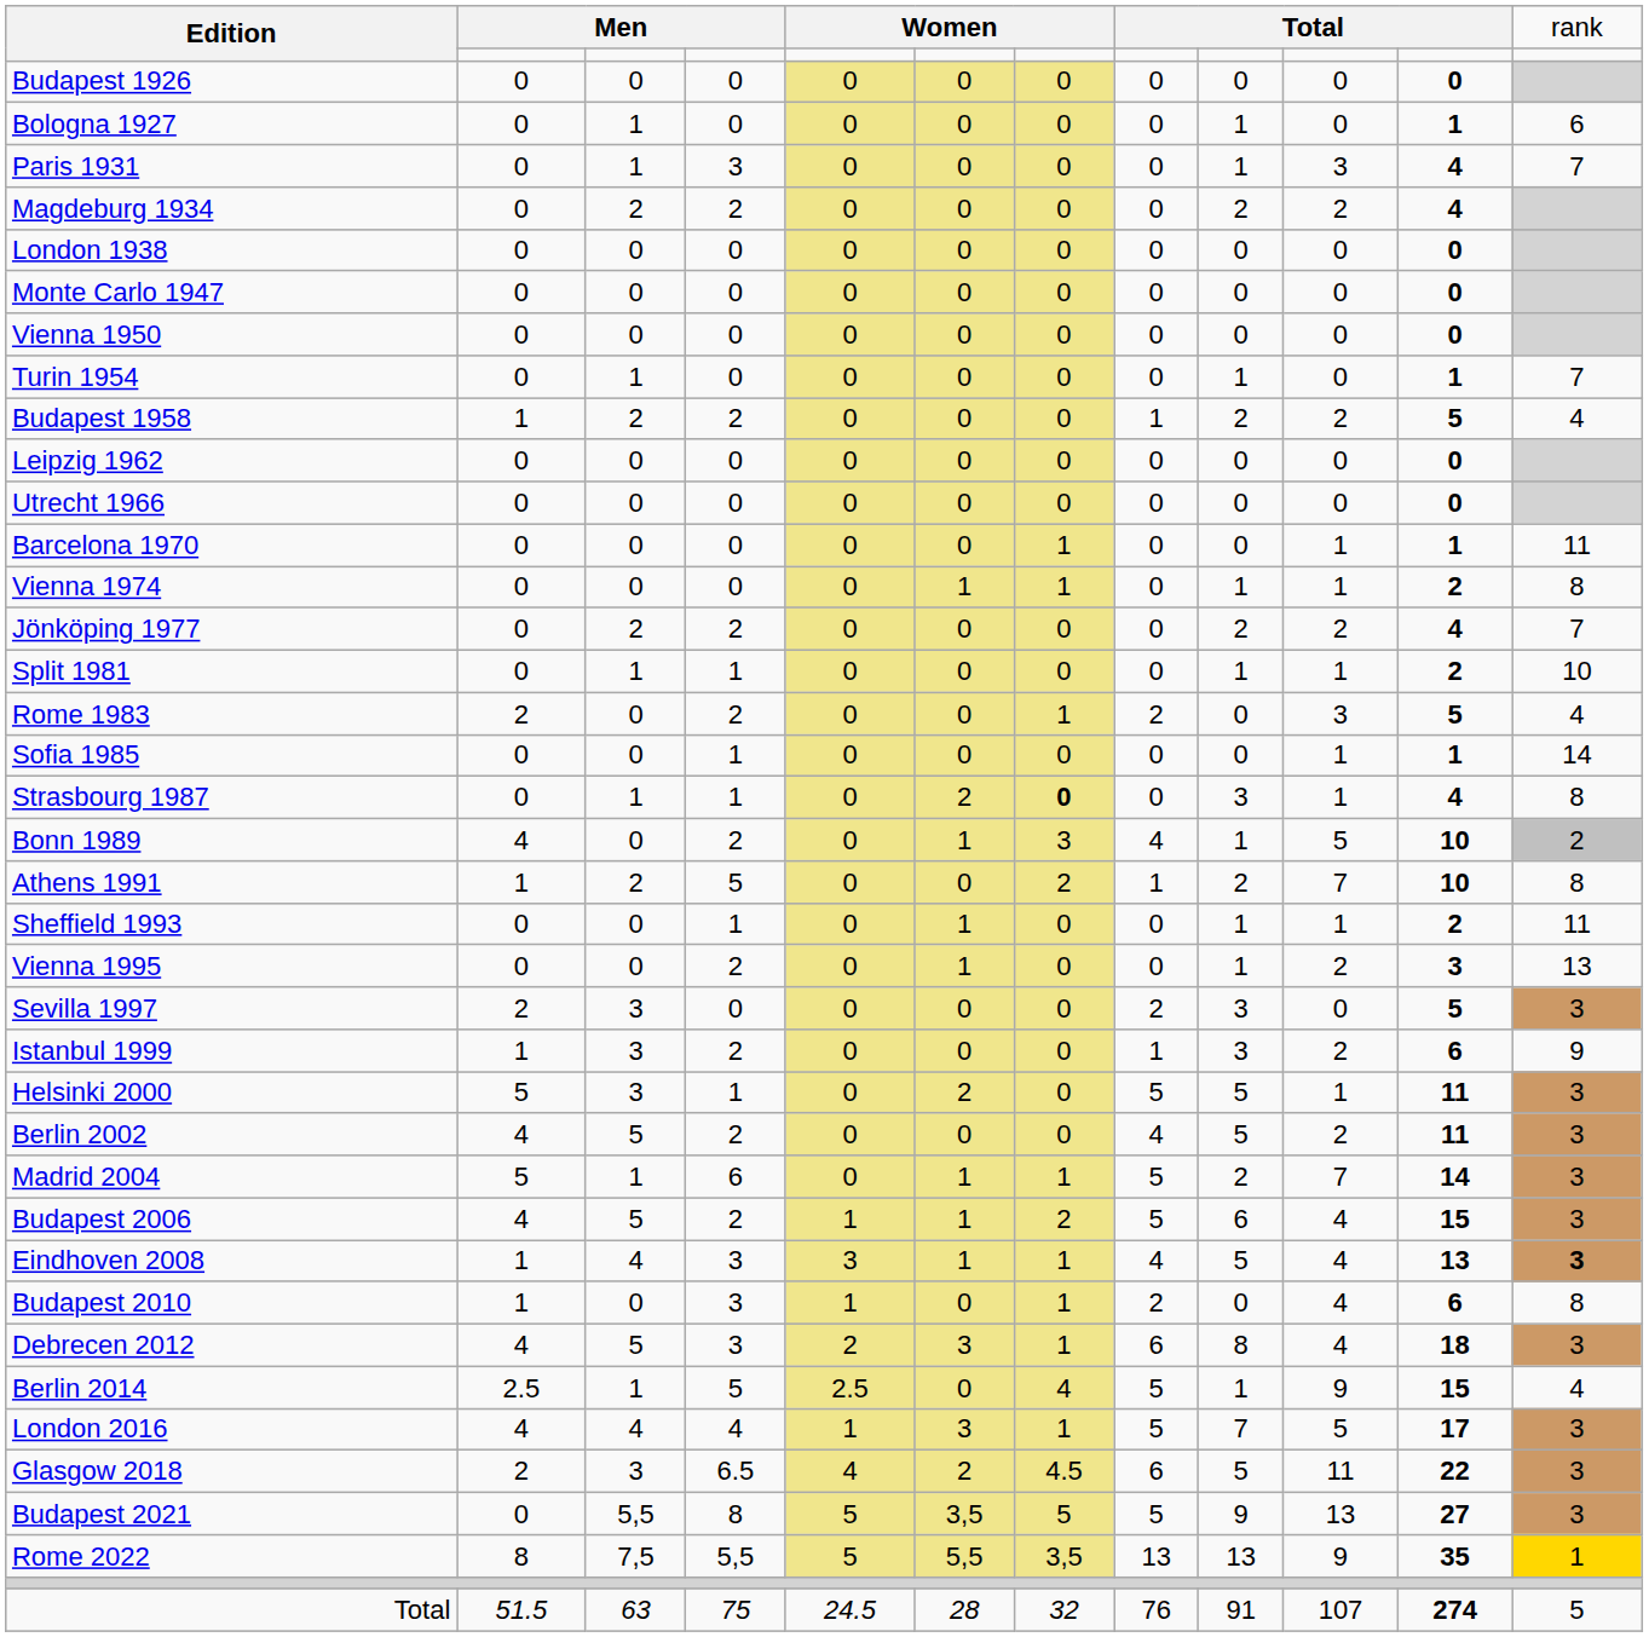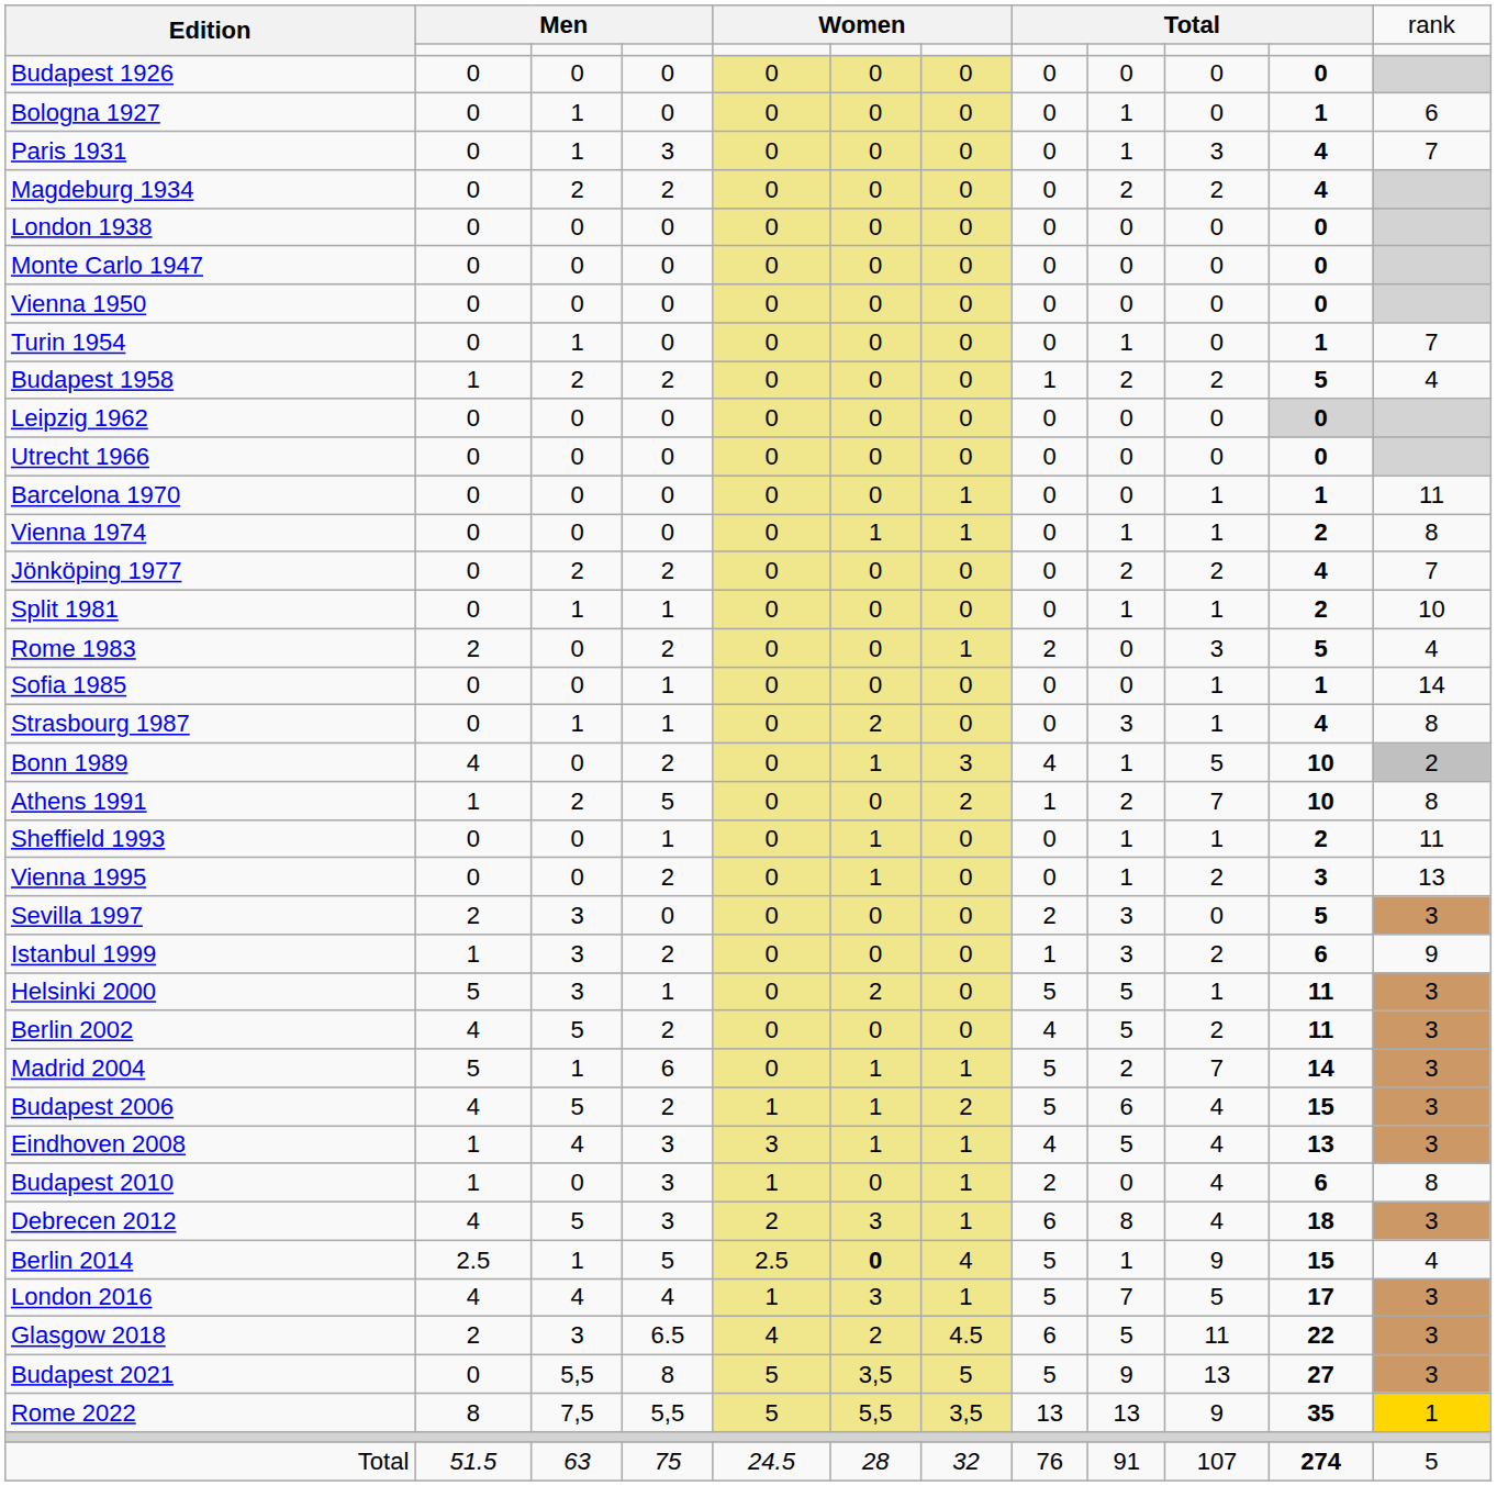 <table class="wikitable" width=70% style="font-size:90%; text-align:center;">
 <tr>
 <th rowspan=2>Edition</th>
 <th colspan=3>Men</th>
 <th colspan=3>Women</th>
 <th colspan=4>Total</th>
 <td>rank</td>
 </tr>
 <tr>
 <td></td>
 <td></td>
 <td></td>
 <td></td>
 <td></td>
 <td></td>
 <td></td>
 <td></td>
 <td></td>
 <td></td>
 </tr>
 <tr>
 <td align=left> <a href='#'>Budapest 1926</a></td>
 <td>0</td>
 <td>0</td>
 <td>0</td>
 <td bgcolor=Khaki>0</td>
 <td bgcolor=Khaki>0</td>
 <td bgcolor=Khaki>0</td>
 <td>0</td>
 <td>0</td>
 <td>0</td>
 <td><strong>0</strong></td>
 <td bgcolor=lightgrey></td>
 </tr>
 <tr>
 <td align=left> <a href='#'>Bologna 1927</a></td>
 <td>0</td>
 <td>1</td>
 <td>0</td>
 <td bgcolor=Khaki>0</td>
 <td bgcolor=Khaki>0</td>
 <td bgcolor=Khaki>0</td>
 <td>0</td>
 <td>1</td>
 <td>0</td>
 <td><strong>1</strong></td>
 <td>6</td>
 </tr>
 <tr>
 <td align=left> <a href='#'>Paris 1931</a></td>
 <td>0</td>
 <td>1</td>
 <td>3</td>
 <td bgcolor=Khaki>0</td>
 <td bgcolor=Khaki>0</td>
 <td bgcolor=Khaki>0</td>
 <td>0</td>
 <td>1</td>
 <td>3</td>
 <td><strong>4</strong></td>
 <td>7</td>
 </tr>
 <tr>
 <td align=left> <a href='#'>Magdeburg 1934</a></td>
 <td>0</td>
 <td>2</td>
 <td>2</td>
 <td bgcolor=Khaki>0</td>
 <td bgcolor=Khaki>0</td>
 <td bgcolor=Khaki>0</td>
 <td>0</td>
 <td>2</td>
 <td>2</td>
 <td><strong>4</strong></td>
 <td bgcolor=lightgrey></td>
 </tr>
 <tr>
 <td align=left> <a href='#'>London 1938</a></td>
 <td>0</td>
 <td>0</td>
 <td>0</td>
 <td bgcolor=Khaki>0</td>
 <td bgcolor=Khaki>0</td>
 <td bgcolor=Khaki>0</td>
 <td>0</td>
 <td>0</td>
 <td>0</td>
 <td><strong>0</strong></td>
 <td bgcolor=lightgrey></td>
 </tr>
 <tr>
 <td align=left> <a href='#'>Monte Carlo 1947</a></td>
 <td>0</td>
 <td>0</td>
 <td>0</td>
 <td bgcolor=Khaki>0</td>
 <td bgcolor=Khaki>0</td>
 <td bgcolor=Khaki>0</td>
 <td>0</td>
 <td>0</td>
 <td>0</td>
 <td><strong>0</strong></td>
 <td bgcolor=lightgrey></td>
 </tr>
 <tr>
 <td align=left> <a href='#'>Vienna 1950</a></td>
 <td>0</td>
 <td>0</td>
 <td>0</td>
 <td bgcolor=Khaki>0</td>
 <td bgcolor=Khaki>0</td>
 <td bgcolor=Khaki>0</td>
 <td>0</td>
 <td>0</td>
 <td>0</td>
 <td><strong>0</strong></td>
 <td bgcolor=lightgrey></td>
 </tr>
 <tr>
 <td align=left> <a href='#'>Turin 1954</a></td>
 <td>0</td>
 <td>1</td>
 <td>0</td>
 <td bgcolor=Khaki>0</td>
 <td bgcolor=Khaki>0</td>
 <td bgcolor=Khaki>0</td>
 <td>0</td>
 <td>1</td>
 <td>0</td>
 <td><strong>1</strong></td>
 <td>7</td>
 </tr>
 <tr>
 <td align=left> <a href='#'>Budapest 1958</a></td>
 <td>1</td>
 <td>2</td>
 <td>2</td>
 <td bgcolor=Khaki>0</td>
 <td bgcolor=Khaki>0</td>
 <td bgcolor=Khaki>0</td>
 <td>1</td>
 <td>2</td>
 <td>2</td>
 <td><strong>5</strong></td>
 <td>4</td>
 </tr>
 <tr>
 <td align=left> <a href='#'>Leipzig 1962</a></td>
 <td>0</td>
 <td>0</td>
 <td>0</td>
 <td bgcolor=Khaki>0</td>
 <td bgcolor=Khaki>0</td>
 <td bgcolor=Khaki>0</td>
 <td>0</td>
 <td>0</td>
 <td>0</td>
-<td><strong>0</strong></td>
+<td style="background: lightgrey;"><strong>0</strong></td>
 <td bgcolor=lightgrey></td>
 </tr>
 <tr>
 <td align=left> <a href='#'>Utrecht 1966</a></td>
 <td>0</td>
 <td>0</td>
 <td>0</td>
 <td bgcolor=Khaki>0</td>
 <td bgcolor=Khaki>0</td>
 <td bgcolor=Khaki>0</td>
 <td>0</td>
 <td>0</td>
 <td>0</td>
 <td><strong>0</strong></td>
 <td bgcolor=lightgrey></td>
 </tr>
 <tr>
 <td align=left> <a href='#'>Barcelona 1970</a></td>
 <td>0</td>
 <td>0</td>
 <td>0</td>
 <td bgcolor=Khaki>0</td>
 <td bgcolor=Khaki>0</td>
 <td bgcolor=Khaki>1</td>
 <td>0</td>
 <td>0</td>
 <td>1</td>
 <td><strong>1</strong></td>
 <td>11</td>
 </tr>
 <tr>
 <td align=left> <a href='#'>Vienna 1974</a></td>
 <td>0</td>
 <td>0</td>
 <td>0</td>
 <td bgcolor=Khaki>0</td>
 <td bgcolor=Khaki>1</td>
 <td bgcolor=Khaki>1</td>
 <td>0</td>
 <td>1</td>
 <td>1</td>
 <td><strong>2</strong></td>
 <td>8</td>
 </tr>
 <tr>
 <td align=left> <a href='#'>Jönköping 1977</a></td>
 <td>0</td>
 <td>2</td>
 <td>2</td>
 <td bgcolor=Khaki>0</td>
 <td bgcolor=Khaki>0</td>
 <td bgcolor=Khaki>0</td>
 <td>0</td>
 <td>2</td>
 <td>2</td>
 <td><strong>4</strong></td>
 <td>7</td>
 </tr>
 <tr>
 <td align=left> <a href='#'>Split 1981</a></td>
 <td>0</td>
 <td>1</td>
 <td>1</td>
 <td bgcolor=Khaki>0</td>
 <td bgcolor=Khaki>0</td>
 <td bgcolor=Khaki>0</td>
 <td>0</td>
 <td>1</td>
 <td>1</td>
 <td><strong>2</strong></td>
 <td>10</td>
 </tr>
 <tr>
 <td align=left> <a href='#'>Rome 1983</a></td>
 <td>2</td>
 <td>0</td>
 <td>2</td>
 <td bgcolor=Khaki>0</td>
 <td bgcolor=Khaki>0</td>
 <td bgcolor=Khaki>1</td>
 <td>2</td>
 <td>0</td>
 <td>3</td>
 <td><strong>5</strong></td>
 <td>4</td>
 </tr>
 <tr>
 <td align=left> <a href='#'>Sofia 1985</a></td>
 <td>0</td>
 <td>0</td>
 <td>1</td>
 <td bgcolor=Khaki>0</td>
 <td bgcolor=Khaki>0</td>
 <td bgcolor=Khaki>0</td>
 <td>0</td>
 <td>0</td>
 <td>1</td>
 <td><strong>1</strong></td>
 <td>14</td>
 </tr>
 <tr>
 <td align=left> <a href='#'>Strasbourg 1987</a></td>
 <td>0</td>
 <td>1</td>
 <td>1</td>
 <td bgcolor=Khaki>0</td>
 <td bgcolor=Khaki>2</td>
-<td bgcolor=Khaki><strong>0</strong></td>
+<td bgcolor=Khaki>0</td>
 <td>0</td>
 <td>3</td>
 <td>1</td>
 <td><strong>4</strong></td>
 <td>8</td>
 </tr>
 <tr>
 <td align=left> <a href='#'>Bonn 1989</a></td>
 <td>4</td>
 <td>0</td>
 <td>2</td>
 <td bgcolor=Khaki>0</td>
 <td bgcolor=Khaki>1</td>
 <td bgcolor=Khaki>3</td>
 <td>4</td>
 <td>1</td>
 <td>5</td>
 <td><strong>10</strong></td>
 <td bgcolor=silver>2</td>
 </tr>
 <tr>
 <td align=left> <a href='#'>Athens 1991</a></td>
 <td>1</td>
 <td>2</td>
 <td>5</td>
 <td bgcolor=Khaki>0</td>
 <td bgcolor=Khaki>0</td>
 <td bgcolor=Khaki>2</td>
 <td>1</td>
 <td>2</td>
 <td>7</td>
 <td><strong>10</strong></td>
 <td>8</td>
 </tr>
 <tr>
 <td align=left> <a href='#'>Sheffield 1993</a></td>
 <td>0</td>
 <td>0</td>
 <td>1</td>
 <td bgcolor=Khaki>0</td>
 <td bgcolor=Khaki>1</td>
 <td bgcolor=Khaki>0</td>
 <td>0</td>
 <td>1</td>
 <td>1</td>
 <td><strong>2</strong></td>
 <td>11</td>
 </tr>
 <tr>
 <td align=left> <a href='#'>Vienna 1995</a></td>
 <td>0</td>
 <td>0</td>
 <td>2</td>
 <td bgcolor=Khaki>0</td>
 <td bgcolor=Khaki>1</td>
 <td bgcolor=Khaki>0</td>
 <td>0</td>
 <td>1</td>
 <td>2</td>
 <td><strong>3</strong></td>
 <td>13</td>
 </tr>
 <tr>
 <td align=left> <a href='#'>Sevilla 1997</a></td>
 <td>2</td>
 <td>3</td>
 <td>0</td>
 <td bgcolor=Khaki>0</td>
 <td bgcolor=Khaki>0</td>
 <td bgcolor=Khaki>0</td>
 <td>2</td>
 <td>3</td>
 <td>0</td>
 <td><strong>5</strong></td>
 <td bgcolor=cc9966>3</td>
 </tr>
 <tr>
 <td align=left> <a href='#'>Istanbul 1999</a></td>
 <td>1</td>
 <td>3</td>
 <td>2</td>
 <td bgcolor=Khaki>0</td>
 <td bgcolor=Khaki>0</td>
 <td bgcolor=Khaki>0</td>
 <td>1</td>
 <td>3</td>
 <td>2</td>
 <td><strong>6</strong></td>
 <td>9</td>
 </tr>
 <tr>
 <td align=left> <a href='#'>Helsinki 2000</a></td>
 <td>5</td>
 <td>3</td>
 <td>1</td>
 <td bgcolor=Khaki>0</td>
 <td bgcolor=Khaki>2</td>
 <td bgcolor=Khaki>0</td>
 <td>5</td>
 <td>5</td>
 <td>1</td>
 <td><strong>11</strong></td>
 <td bgcolor=cc9966>3</td>
 </tr>
 <tr>
 <td align=left> <a href='#'>Berlin 2002</a></td>
 <td>4</td>
 <td>5</td>
 <td>2</td>
 <td bgcolor=Khaki>0</td>
 <td bgcolor=Khaki>0</td>
 <td bgcolor=Khaki>0</td>
 <td>4</td>
 <td>5</td>
 <td>2</td>
 <td><strong>11</strong></td>
 <td bgcolor=cc9966>3</td>
 </tr>
 <tr>
 <td align=left> <a href='#'>Madrid 2004</a></td>
 <td>5</td>
 <td>1</td>
 <td>6</td>
 <td bgcolor=Khaki>0</td>
 <td bgcolor=Khaki>1</td>
 <td bgcolor=Khaki>1</td>
 <td>5</td>
 <td>2</td>
 <td>7</td>
 <td><strong>14</strong></td>
 <td bgcolor=cc9966>3</td>
 </tr>
 <tr>
 <td align=left> <a href='#'>Budapest 2006</a></td>
 <td>4</td>
 <td>5</td>
 <td>2</td>
 <td bgcolor=Khaki>1</td>
 <td bgcolor=Khaki>1</td>
 <td bgcolor=Khaki>2</td>
 <td>5</td>
 <td>6</td>
 <td>4</td>
 <td><strong>15</strong></td>
 <td bgcolor=cc9966>3</td>
 </tr>
 <tr>
 <td align=left> <a href='#'>Eindhoven 2008</a></td>
 <td>1</td>
 <td>4</td>
 <td>3</td>
 <td bgcolor=Khaki>3</td>
 <td bgcolor=Khaki>1</td>
 <td bgcolor=Khaki>1</td>
 <td>4</td>
 <td>5</td>
 <td>4</td>
 <td><strong>13</strong></td>
-<td bgcolor=cc9966><strong>3</strong></td>
+<td bgcolor=cc9966>3</td>
 </tr>
 <tr>
 <td align=left> <a href='#'>Budapest 2010</a></td>
 <td>1</td>
 <td>0</td>
 <td>3</td>
 <td bgcolor=Khaki>1</td>
 <td bgcolor=Khaki>0</td>
 <td bgcolor=Khaki>1</td>
 <td>2</td>
 <td>0</td>
 <td>4</td>
 <td><strong>6</strong></td>
 <td>8</td>
 </tr>
 <tr>
 <td align=left> <a href='#'>Debrecen 2012</a></td>
 <td>4</td>
 <td>5</td>
 <td>3</td>
 <td bgcolor=Khaki>2</td>
 <td bgcolor=Khaki>3</td>
 <td bgcolor=Khaki>1</td>
 <td>6</td>
 <td>8</td>
 <td>4</td>
 <td><strong>18</strong></td>
 <td bgcolor=cc9966>3</td>
 </tr>
 <tr>
 <td align=left> <a href='#'>Berlin 2014</a> </td>
 <td>2.5</td>
 <td>1</td>
 <td>5</td>
 <td bgcolor=Khaki>2.5</td>
-<td bgcolor=Khaki>0</td>
+<td bgcolor=Khaki><strong>0</strong></td>
 <td bgcolor=Khaki>4</td>
 <td>5</td>
 <td>1</td>
 <td>9</td>
 <td><strong>15</strong></td>
 <td>4</td>
 </tr>
 <tr>
 <td align=left> <a href='#'>London 2016</a> </td>
 <td>4</td>
 <td>4</td>
 <td>4</td>
 <td bgcolor=Khaki>1</td>
 <td bgcolor=Khaki>3</td>
 <td bgcolor=Khaki>1</td>
 <td>5</td>
 <td>7</td>
 <td>5</td>
 <td><strong>17</strong></td>
 <td bgcolor=cc9966>3</td>
 </tr>
 <tr>
 <td align=left> <a href='#'>Glasgow 2018</a> </td>
 <td>2</td>
 <td>3</td>
 <td>6.5</td>
 <td bgcolor=Khaki>4</td>
 <td bgcolor=Khaki>2</td>
 <td bgcolor=Khaki>4.5</td>
 <td>6</td>
 <td>5</td>
 <td>11</td>
 <td><strong>22</strong></td>
 <td bgcolor=cc9966>3</td>
 </tr>
 <tr>
 <td align=left> <a href='#'>Budapest 2021</a></td>
 <td>0</td>
 <td>5,5</td>
 <td>8</td>
 <td bgcolor=Khaki>5</td>
 <td bgcolor=Khaki>3,5</td>
 <td bgcolor=Khaki>5</td>
 <td>5</td>
 <td>9</td>
 <td>13</td>
 <td><strong>27</strong></td>
 <td bgcolor=cc9966>3</td>
 </tr>
 <tr>
 <td align=left> <a href='#'>Rome 2022</a></td>
 <td>8</td>
 <td>7,5</td>
 <td>5,5</td>
 <td bgcolor=Khaki>5</td>
 <td bgcolor=Khaki>5,5</td>
 <td bgcolor=Khaki>3,5</td>
 <td>13</td>
 <td>13</td>
 <td>9</td>
 <td><strong>35</strong></td>
 <td bgcolor=gold>1</td>
 </tr>
 <tr bgcolor=lightgrey>
 <td colspan=12></td>
 </tr>
 <tr>
 <td align=right>Total</td>
 <td><em>51.5</em></td>
 <td><em>63</em></td>
 <td><em>75</em></td>
 <td><em>24.5</em></td>
 <td><em>28</em></td>
 <td><em>32</em></td>
 <td>76</td>
 <td>91</td>
 <td>107</td>
 <td><strong>274</strong></td>
 <td>5</td>
 </tr>
 </table>
